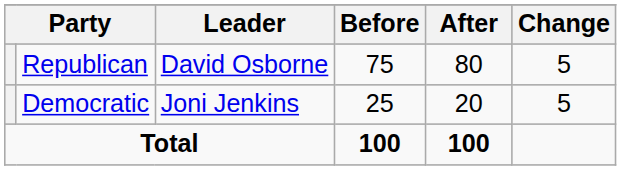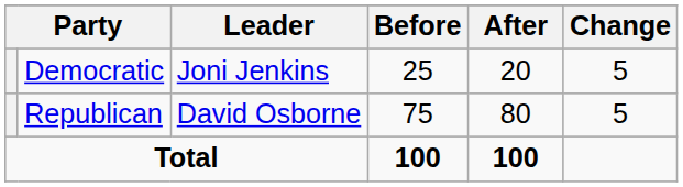 <table class="wikitable" style="text-align:center;">
 <tr>
 </tr>
 <tr>
 <th colspan=2>Party</th>
 <th>Leader</th>
 <th style="width:3em">Before</th>
 <th style="width:3em">After</th>
 <th style="width:3em">Change</th>
 </tr>
 <tr>
 <th style="background-color:"></th>
+<td style="text-align:left;"><a href='#'>Democratic</a></td>
+<td style="text-align:left;"><a href='#'>Joni Jenkins</a></td>
+<td>25</td>
+<td>20</td>
+<td> 5</td>
+</tr>
+<tr>
+<th style="background-color:"></th>
 <td style="text-align:left;"><a href='#'>Republican</a></td>
 <td style="text-align:left;"><a href='#'>David Osborne</a></td>
 <td>75</td>
 <td>80</td>
-<td> 5</td>
-</tr>
-<tr>
-<th style="background-color:"></th>
-<td style="text-align:left;"><a href='#'>Democratic</a></td>
-<td style="text-align:left;"><a href='#'>Joni Jenkins</a></td>
-<td>25</td>
-<td>20</td>
 <td> 5</td>
 </tr>
 <tr>
 <td colspan=3><strong>Total</strong></td>
 <td><strong>100</strong></td>
 <td><strong>100</strong></td>
 <td></td>
 </tr>
 </table>
